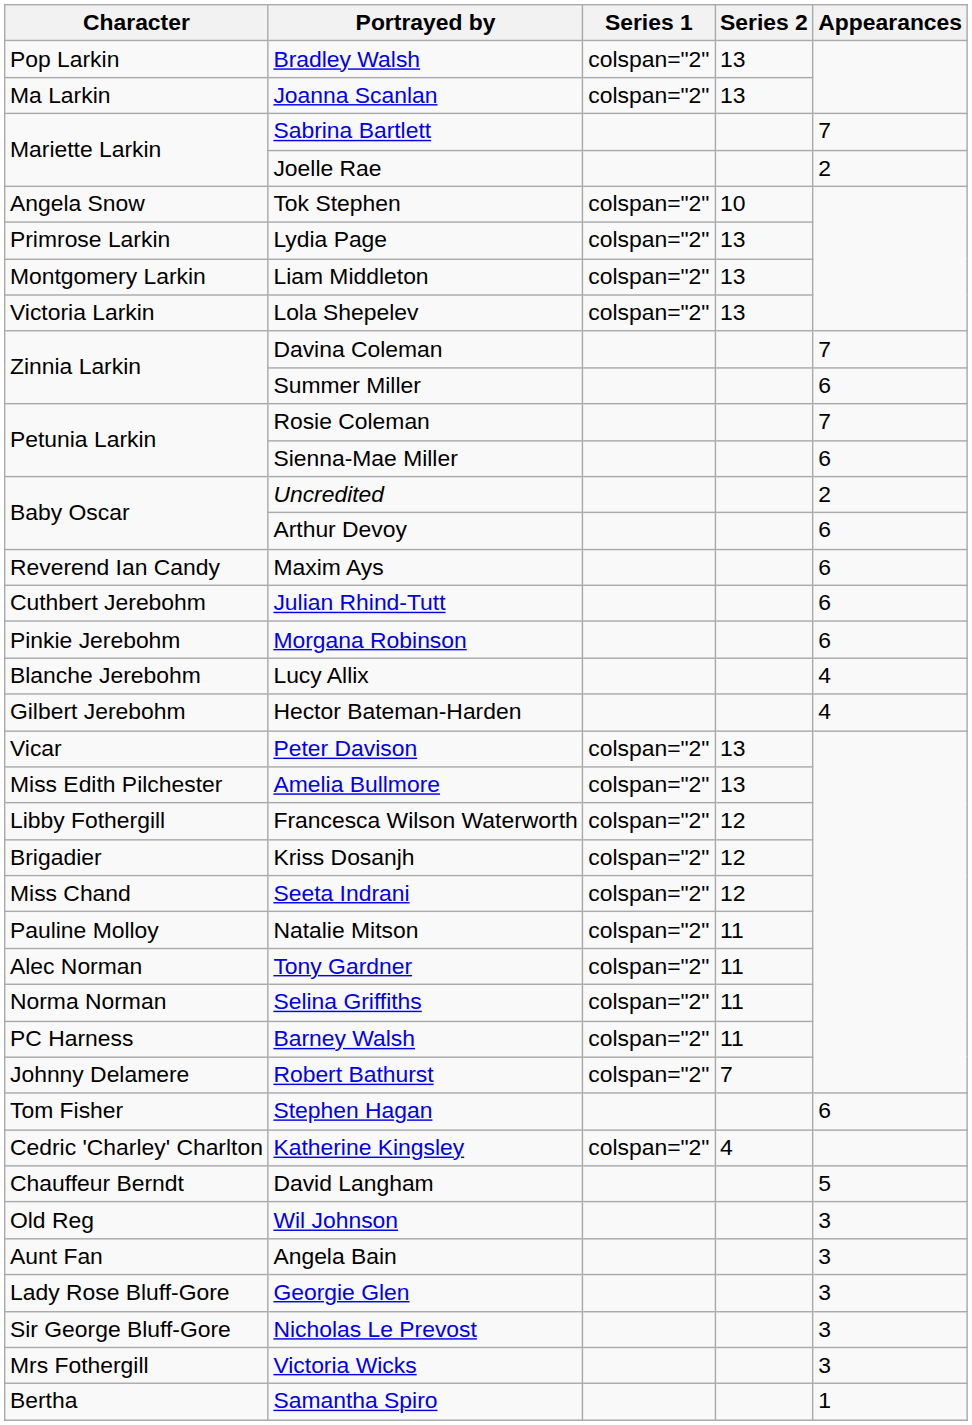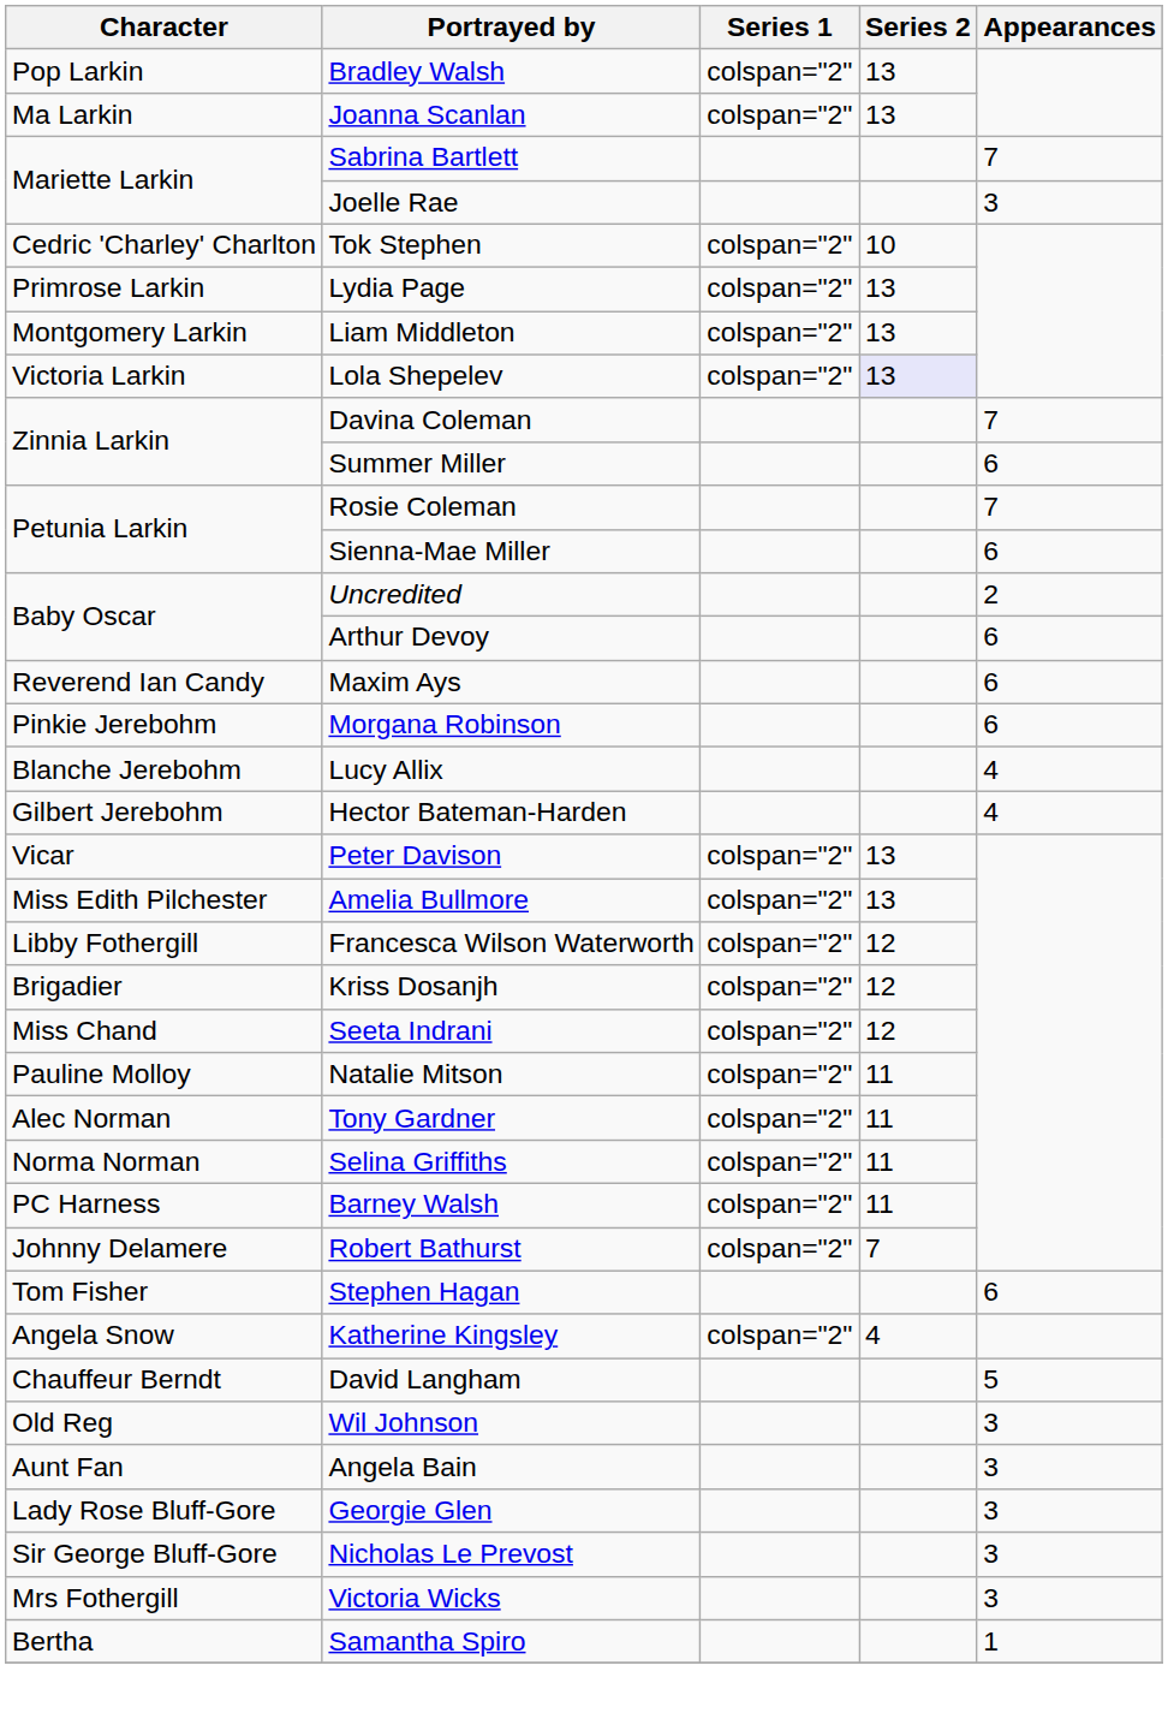 <table class="wikitable">
 <tr>
 <th>Character</th>
 <th>Portrayed by</th>
 <th>Series 1</th>
 <th>Series 2</th>
 <th>Appearances</th>
 </tr>
 <tr>
 <td>Pop Larkin</td>
 <td><a href='#'>Bradley Walsh</a></td>
 <td>colspan="2" </td>
 <td>13</td>
 </tr>
 <tr>
 <td>Ma Larkin</td>
 <td><a href='#'>Joanna Scanlan</a></td>
 <td>colspan="2" </td>
 <td>13</td>
 </tr>
 <tr>
 <td rowspan="2">Mariette Larkin</td>
 <td><a href='#'>Sabrina Bartlett</a></td>
 <td></td>
 <td></td>
 <td>7</td>
 </tr>
 <tr>
 <td>Joelle Rae</td>
 <td></td>
 <td></td>
-<td>2</td>
+<td>3</td>
 </tr>
 <tr>
-<td>Angela Snow</td>
+<td>Cedric 'Charley' Charlton</td>
 <td>Tok Stephen</td>
 <td>colspan="2" </td>
 <td>10</td>
 </tr>
 <tr>
 <td>Primrose Larkin</td>
 <td>Lydia Page</td>
 <td>colspan="2" </td>
 <td>13</td>
 </tr>
 <tr>
 <td>Montgomery Larkin</td>
 <td>Liam Middleton</td>
 <td>colspan="2" </td>
 <td>13</td>
 </tr>
 <tr>
 <td>Victoria Larkin</td>
 <td>Lola Shepelev</td>
 <td>colspan="2" </td>
-<td>13</td>
+<td style="background: lavender;">13</td>
 </tr>
 <tr>
 <td rowspan="2">Zinnia Larkin</td>
 <td>Davina Coleman</td>
 <td></td>
 <td></td>
 <td>7</td>
 </tr>
 <tr>
 <td>Summer Miller</td>
 <td></td>
 <td></td>
 <td>6</td>
 </tr>
 <tr>
 <td rowspan="2">Petunia Larkin</td>
 <td>Rosie Coleman</td>
 <td></td>
 <td></td>
 <td>7</td>
 </tr>
 <tr>
 <td>Sienna-Mae Miller</td>
 <td></td>
 <td></td>
 <td>6</td>
 </tr>
 <tr>
 <td rowspan="2">Baby Oscar</td>
 <td><em>Uncredited</em></td>
 <td></td>
 <td></td>
 <td>2</td>
 </tr>
 <tr>
 <td>Arthur Devoy</td>
 <td></td>
 <td></td>
 <td>6</td>
 </tr>
 <tr>
 <td>Reverend Ian Candy</td>
 <td>Maxim Ays</td>
-<td></td>
-<td></td>
-<td>6</td>
-</tr>
-<tr>
-<td>Cuthbert Jerebohm</td>
-<td><a href='#'>Julian Rhind-Tutt</a></td>
 <td></td>
 <td></td>
 <td>6</td>
 </tr>
 <tr>
 <td>Pinkie Jerebohm</td>
 <td><a href='#'>Morgana Robinson</a></td>
 <td></td>
 <td></td>
 <td>6</td>
 </tr>
 <tr>
 <td>Blanche Jerebohm</td>
 <td>Lucy Allix</td>
 <td></td>
 <td></td>
 <td>4</td>
 </tr>
 <tr>
 <td>Gilbert Jerebohm</td>
 <td>Hector Bateman-Harden</td>
 <td></td>
 <td></td>
 <td>4</td>
 </tr>
 <tr>
 <td>Vicar</td>
 <td><a href='#'>Peter Davison</a></td>
 <td>colspan="2" </td>
 <td>13</td>
 </tr>
 <tr>
 <td>Miss Edith Pilchester</td>
 <td><a href='#'>Amelia Bullmore</a></td>
 <td>colspan="2" </td>
 <td>13</td>
 </tr>
 <tr>
 <td>Libby Fothergill</td>
 <td>Francesca Wilson Waterworth</td>
 <td>colspan="2" </td>
 <td>12</td>
 </tr>
 <tr>
 <td>Brigadier</td>
 <td>Kriss Dosanjh</td>
 <td>colspan="2" </td>
 <td>12</td>
 </tr>
 <tr>
 <td>Miss Chand</td>
 <td><a href='#'>Seeta Indrani</a></td>
 <td>colspan="2" </td>
 <td>12</td>
 </tr>
 <tr>
 <td>Pauline Molloy</td>
 <td>Natalie Mitson</td>
 <td>colspan="2" </td>
 <td>11</td>
 </tr>
 <tr>
 <td>Alec Norman</td>
 <td><a href='#'>Tony Gardner</a></td>
 <td>colspan="2" </td>
 <td>11</td>
 </tr>
 <tr>
 <td>Norma Norman</td>
 <td><a href='#'>Selina Griffiths</a></td>
 <td>colspan="2" </td>
 <td>11</td>
 </tr>
 <tr>
 <td>PC Harness</td>
 <td><a href='#'>Barney Walsh</a></td>
 <td>colspan="2" </td>
 <td>11</td>
 </tr>
 <tr>
 <td>Johnny Delamere</td>
 <td><a href='#'>Robert Bathurst</a></td>
 <td>colspan="2" </td>
 <td>7</td>
 </tr>
 <tr>
 <td>Tom Fisher</td>
 <td><a href='#'>Stephen Hagan</a></td>
 <td></td>
 <td></td>
 <td>6</td>
 </tr>
 <tr>
-<td>Cedric 'Charley' Charlton</td>
+<td>Angela Snow</td>
 <td><a href='#'>Katherine Kingsley</a></td>
 <td>colspan="2" </td>
 <td>4</td>
 </tr>
 <tr>
 <td>Chauffeur Berndt</td>
 <td>David Langham</td>
 <td></td>
 <td></td>
 <td>5</td>
 </tr>
 <tr>
 <td>Old Reg</td>
 <td><a href='#'>Wil Johnson</a></td>
 <td></td>
 <td></td>
 <td>3</td>
 </tr>
 <tr>
 <td>Aunt Fan</td>
 <td>Angela Bain</td>
 <td></td>
 <td></td>
 <td>3</td>
 </tr>
 <tr>
 <td>Lady Rose Bluff-Gore</td>
 <td><a href='#'>Georgie Glen</a></td>
 <td></td>
 <td></td>
 <td>3</td>
 </tr>
 <tr>
 <td>Sir George Bluff-Gore</td>
 <td><a href='#'>Nicholas Le Prevost</a></td>
 <td></td>
 <td></td>
 <td>3</td>
 </tr>
 <tr>
 <td>Mrs Fothergill</td>
 <td><a href='#'>Victoria Wicks</a></td>
 <td></td>
 <td></td>
 <td>3</td>
 </tr>
 <tr>
 <td>Bertha</td>
 <td><a href='#'>Samantha Spiro</a></td>
 <td></td>
 <td></td>
 <td>1</td>
 </tr>
 <tr>
 </tr>
 </table>
